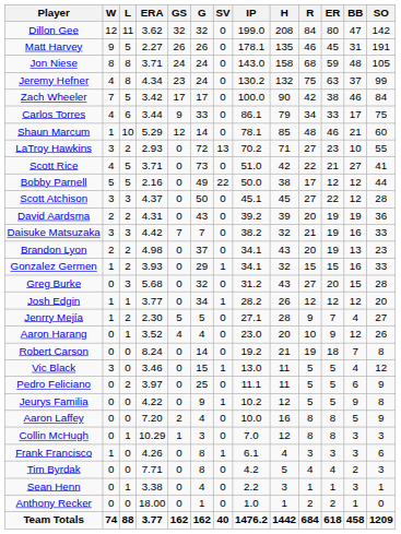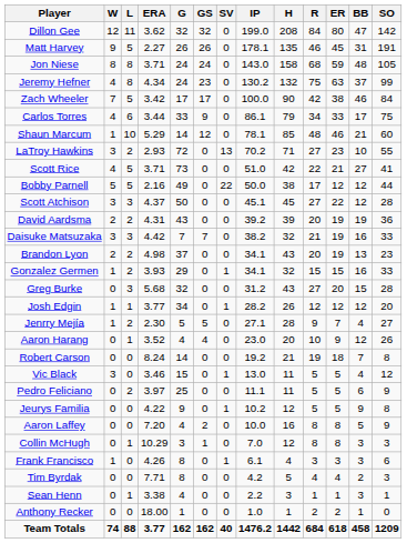 <table class=wikitable style="text-align:center">
 <tr>
 <th>Player</th>
 <th>W</th>
 <th>L</th>
 <th>ERA</th>
+<th>G</th>
 <th>GS</th>
-<th>G</th>
 <th>SV</th>
 <th>IP</th>
 <th>H</th>
 <th>R</th>
 <th>ER</th>
 <th>BB</th>
 <th>SO</th>
 </tr>
 <tr>
 <td><a href='#'>Dillon Gee</a></td>
 <td>12</td>
 <td>11</td>
 <td>3.62</td>
 <td>32</td>
 <td>32</td>
 <td>0</td>
 <td>199.0</td>
 <td>208</td>
 <td>84</td>
 <td>80</td>
 <td>47</td>
 <td>142</td>
 </tr>
 <tr>
 <td><a href='#'>Matt Harvey</a></td>
 <td>9</td>
 <td>5</td>
 <td>2.27</td>
 <td>26</td>
 <td>26</td>
 <td>0</td>
 <td>178.1</td>
 <td>135</td>
 <td>46</td>
 <td>45</td>
 <td>31</td>
 <td>191</td>
 </tr>
 <tr>
 <td><a href='#'>Jon Niese</a></td>
 <td>8</td>
 <td>8</td>
 <td>3.71</td>
 <td>24</td>
 <td>24</td>
 <td>0</td>
 <td>143.0</td>
 <td>158</td>
 <td>68</td>
 <td>59</td>
 <td>48</td>
 <td>105</td>
 </tr>
 <tr>
 <td><a href='#'>Jeremy Hefner</a></td>
 <td>4</td>
 <td>8</td>
 <td>4.34</td>
+<td>24</td>
 <td>23</td>
-<td>24</td>
 <td>0</td>
 <td>130.2</td>
 <td>132</td>
 <td>75</td>
 <td>63</td>
 <td>37</td>
 <td>99</td>
 </tr>
 <tr>
 <td><a href='#'>Zach Wheeler</a></td>
 <td>7</td>
 <td>5</td>
 <td>3.42</td>
 <td>17</td>
 <td>17</td>
 <td>0</td>
 <td>100.0</td>
 <td>90</td>
 <td>42</td>
 <td>38</td>
 <td>46</td>
 <td>84</td>
 </tr>
 <tr>
 <td><a href='#'>Carlos Torres</a></td>
 <td>4</td>
 <td>6</td>
 <td>3.44</td>
+<td>33</td>
 <td>9</td>
-<td>33</td>
 <td>0</td>
 <td>86.1</td>
 <td>79</td>
 <td>34</td>
 <td>33</td>
 <td>17</td>
 <td>75</td>
 </tr>
 <tr>
 <td><a href='#'>Shaun Marcum</a></td>
 <td>1</td>
 <td>10</td>
 <td>5.29</td>
+<td>14</td>
 <td>12</td>
-<td>14</td>
 <td>0</td>
 <td>78.1</td>
 <td>85</td>
 <td>48</td>
 <td>46</td>
 <td>21</td>
 <td>60</td>
 </tr>
 <tr>
 <td><a href='#'>LaTroy Hawkins</a></td>
 <td>3</td>
 <td>2</td>
 <td>2.93</td>
+<td>72</td>
 <td>0</td>
-<td>72</td>
 <td>13</td>
 <td>70.2</td>
 <td>71</td>
 <td>27</td>
 <td>23</td>
 <td>10</td>
 <td>55</td>
 </tr>
 <tr>
 <td><a href='#'>Scott Rice</a></td>
 <td>4</td>
 <td>5</td>
 <td>3.71</td>
+<td>73</td>
 <td>0</td>
-<td>73</td>
 <td>0</td>
 <td>51.0</td>
 <td>42</td>
 <td>22</td>
 <td>21</td>
 <td>27</td>
 <td>41</td>
 </tr>
 <tr>
 <td><a href='#'>Bobby Parnell</a></td>
 <td>5</td>
 <td>5</td>
 <td>2.16</td>
+<td>49</td>
 <td>0</td>
-<td>49</td>
 <td>22</td>
 <td>50.0</td>
 <td>38</td>
 <td>17</td>
 <td>12</td>
 <td>12</td>
 <td>44</td>
 </tr>
 <tr>
 <td><a href='#'>Scott Atchison</a></td>
 <td>3</td>
 <td>3</td>
 <td>4.37</td>
+<td>50</td>
 <td>0</td>
-<td>50</td>
 <td>0</td>
 <td>45.1</td>
 <td>45</td>
 <td>27</td>
 <td>22</td>
 <td>12</td>
 <td>28</td>
 </tr>
 <tr>
 <td><a href='#'>David Aardsma</a></td>
 <td>2</td>
 <td>2</td>
 <td>4.31</td>
+<td>43</td>
 <td>0</td>
-<td>43</td>
 <td>0</td>
 <td>39.2</td>
 <td>39</td>
 <td>20</td>
 <td>19</td>
 <td>19</td>
 <td>36</td>
 </tr>
 <tr>
 <td><a href='#'>Daisuke Matsuzaka</a></td>
 <td>3</td>
 <td>3</td>
 <td>4.42</td>
 <td>7</td>
 <td>7</td>
 <td>0</td>
 <td>38.2</td>
 <td>32</td>
 <td>21</td>
 <td>19</td>
 <td>16</td>
 <td>33</td>
 </tr>
 <tr>
 <td><a href='#'>Brandon Lyon</a></td>
 <td>2</td>
 <td>2</td>
 <td>4.98</td>
+<td>37</td>
 <td>0</td>
-<td>37</td>
 <td>0</td>
 <td>34.1</td>
 <td>43</td>
 <td>20</td>
 <td>19</td>
 <td>13</td>
 <td>23</td>
 </tr>
 <tr>
 <td><a href='#'>Gonzalez Germen</a></td>
 <td>1</td>
 <td>2</td>
 <td>3.93</td>
+<td>29</td>
 <td>0</td>
-<td>29</td>
 <td>1</td>
 <td>34.1</td>
 <td>32</td>
 <td>15</td>
 <td>15</td>
 <td>16</td>
 <td>33</td>
 </tr>
 <tr>
 <td><a href='#'>Greg Burke</a></td>
 <td>0</td>
 <td>3</td>
 <td>5.68</td>
+<td>32</td>
 <td>0</td>
-<td>32</td>
 <td>0</td>
 <td>31.2</td>
 <td>43</td>
 <td>27</td>
 <td>20</td>
 <td>15</td>
 <td>28</td>
 </tr>
 <tr>
 <td><a href='#'>Josh Edgin</a></td>
 <td>1</td>
 <td>1</td>
 <td>3.77</td>
+<td>34</td>
 <td>0</td>
-<td>34</td>
 <td>1</td>
 <td>28.2</td>
 <td>26</td>
 <td>12</td>
 <td>12</td>
 <td>12</td>
 <td>20</td>
 </tr>
 <tr>
 <td><a href='#'>Jenrry Mejía</a></td>
 <td>1</td>
 <td>2</td>
 <td>2.30</td>
 <td>5</td>
 <td>5</td>
 <td>0</td>
 <td>27.1</td>
 <td>28</td>
 <td>9</td>
 <td>7</td>
 <td>4</td>
 <td>27</td>
 </tr>
 <tr>
 <td><a href='#'>Aaron Harang</a></td>
 <td>0</td>
 <td>1</td>
 <td>3.52</td>
 <td>4</td>
 <td>4</td>
 <td>0</td>
 <td>23.0</td>
 <td>20</td>
 <td>10</td>
 <td>9</td>
 <td>12</td>
 <td>26</td>
 </tr>
 <tr>
 <td><a href='#'>Robert Carson</a></td>
 <td>0</td>
 <td>0</td>
 <td>8.24</td>
+<td>14</td>
 <td>0</td>
-<td>14</td>
 <td>0</td>
 <td>19.2</td>
 <td>21</td>
 <td>19</td>
 <td>18</td>
 <td>7</td>
 <td>8</td>
 </tr>
 <tr>
 <td><a href='#'>Vic Black</a></td>
 <td>3</td>
 <td>0</td>
 <td>3.46</td>
+<td>15</td>
 <td>0</td>
-<td>15</td>
 <td>1</td>
 <td>13.0</td>
 <td>11</td>
 <td>5</td>
 <td>5</td>
 <td>4</td>
 <td>12</td>
 </tr>
 <tr>
 <td><a href='#'>Pedro Feliciano</a></td>
 <td>0</td>
 <td>2</td>
 <td>3.97</td>
+<td>25</td>
 <td>0</td>
-<td>25</td>
 <td>0</td>
 <td>11.1</td>
 <td>11</td>
 <td>5</td>
 <td>5</td>
 <td>6</td>
 <td>9</td>
 </tr>
 <tr>
 <td><a href='#'>Jeurys Familia</a></td>
 <td>0</td>
 <td>0</td>
 <td>4.22</td>
+<td>9</td>
 <td>0</td>
-<td>9</td>
 <td>1</td>
 <td>10.2</td>
 <td>12</td>
 <td>5</td>
 <td>5</td>
 <td>9</td>
 <td>8</td>
 </tr>
 <tr>
 <td><a href='#'>Aaron Laffey</a></td>
 <td>0</td>
 <td>0</td>
 <td>7.20</td>
+<td>4</td>
 <td>2</td>
-<td>4</td>
 <td>0</td>
 <td>10.0</td>
 <td>16</td>
 <td>8</td>
 <td>8</td>
 <td>5</td>
 <td>9</td>
 </tr>
 <tr>
 <td><a href='#'>Collin McHugh</a></td>
 <td>0</td>
 <td>1</td>
 <td>10.29</td>
+<td>3</td>
 <td>1</td>
-<td>3</td>
 <td>0</td>
 <td>7.0</td>
 <td>12</td>
 <td>8</td>
 <td>8</td>
 <td>3</td>
 <td>3</td>
 </tr>
 <tr>
 <td><a href='#'>Frank Francisco</a></td>
 <td>1</td>
 <td>0</td>
 <td>4.26</td>
+<td>8</td>
 <td>0</td>
-<td>8</td>
 <td>1</td>
 <td>6.1</td>
 <td>4</td>
 <td>3</td>
 <td>3</td>
 <td>3</td>
 <td>6</td>
 </tr>
 <tr>
 <td><a href='#'>Tim Byrdak</a></td>
 <td>0</td>
 <td>0</td>
 <td>7.71</td>
+<td>8</td>
 <td>0</td>
-<td>8</td>
 <td>0</td>
 <td>4.2</td>
 <td>5</td>
 <td>4</td>
 <td>4</td>
 <td>2</td>
 <td>3</td>
 </tr>
 <tr>
 <td><a href='#'>Sean Henn</a></td>
 <td>0</td>
 <td>1</td>
 <td>3.38</td>
+<td>4</td>
 <td>0</td>
-<td>4</td>
 <td>0</td>
 <td>2.2</td>
 <td>3</td>
 <td>1</td>
 <td>1</td>
 <td>3</td>
 <td>1</td>
 </tr>
 <tr>
 <td><a href='#'>Anthony Recker</a></td>
 <td>0</td>
 <td>0</td>
 <td>18.00</td>
+<td>1</td>
 <td>0</td>
-<td>1</td>
 <td>0</td>
 <td>1.0</td>
 <td>1</td>
 <td>2</td>
 <td>2</td>
 <td>1</td>
 <td>0</td>
 </tr>
 <tr>
 <td><strong>Team Totals</strong></td>
 <td><strong>74</strong></td>
 <td><strong>88</strong></td>
 <td><strong>3.77</strong></td>
 <td><strong>162</strong></td>
 <td><strong>162</strong></td>
 <td><strong>40</strong></td>
 <td><strong>1476.2</strong></td>
 <td><strong>1442</strong></td>
 <td><strong>684</strong></td>
 <td><strong>618</strong></td>
 <td><strong>458</strong></td>
 <td><strong>1209</strong></td>
 </tr>
 </table>
